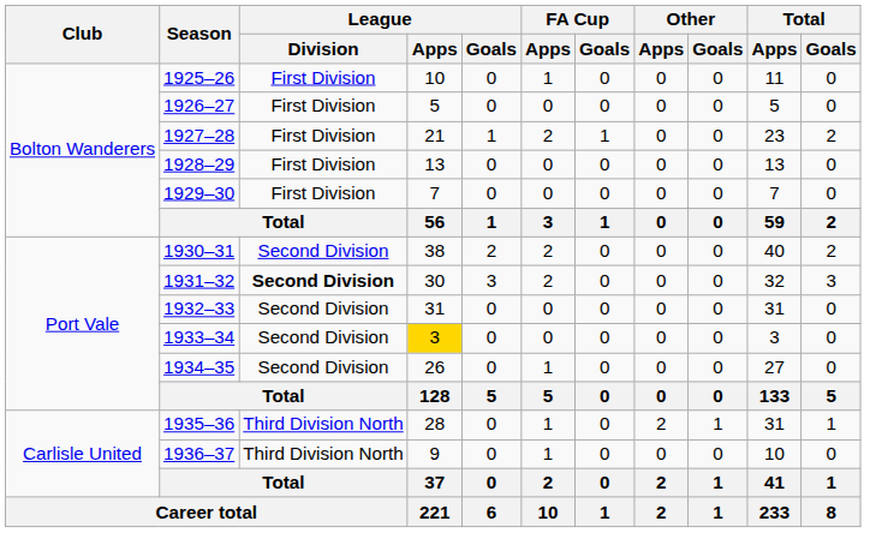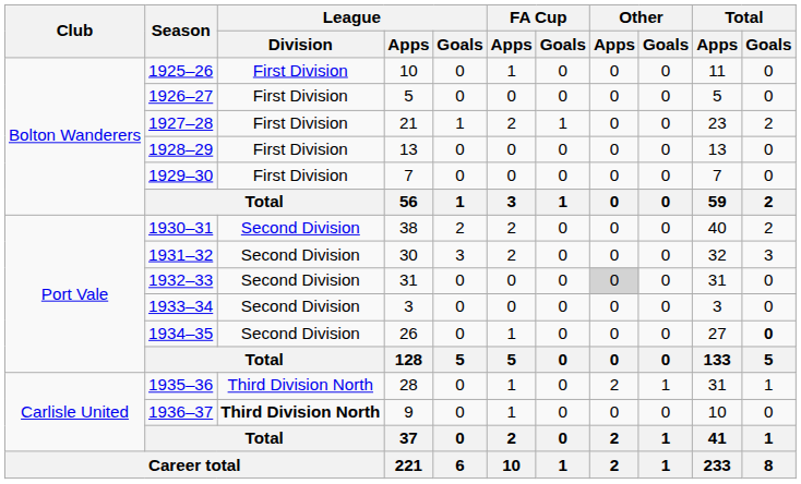 <table class="wikitable" style="text-align: center;">
 <tr>
 <th rowspan="2">Club</th>
 <th rowspan="2">Season</th>
 <th colspan="3">League</th>
 <th colspan="2">FA Cup</th>
 <th colspan="2">Other</th>
 <th colspan="2">Total</th>
 </tr>
 <tr>
 <th>Division</th>
 <th>Apps</th>
 <th>Goals</th>
 <th>Apps</th>
 <th>Goals</th>
 <th>Apps</th>
 <th>Goals</th>
 <th>Apps</th>
 <th>Goals</th>
 </tr>
 <tr>
 <td rowspan="6"><a href='#'>Bolton Wanderers</a></td>
 <td><a href='#'>1925–26</a></td>
 <td><a href='#'>First Division</a></td>
 <td>10</td>
 <td>0</td>
 <td>1</td>
 <td>0</td>
 <td>0</td>
 <td>0</td>
 <td>11</td>
 <td>0</td>
 </tr>
 <tr>
 <td><a href='#'>1926–27</a></td>
 <td>First Division</td>
 <td>5</td>
 <td>0</td>
 <td>0</td>
 <td>0</td>
 <td>0</td>
 <td>0</td>
 <td>5</td>
 <td>0</td>
 </tr>
 <tr>
 <td><a href='#'>1927–28</a></td>
 <td>First Division</td>
 <td>21</td>
 <td>1</td>
 <td>2</td>
 <td>1</td>
 <td>0</td>
 <td>0</td>
 <td>23</td>
 <td>2</td>
 </tr>
 <tr>
 <td><a href='#'>1928–29</a></td>
 <td>First Division</td>
 <td>13</td>
 <td>0</td>
 <td>0</td>
 <td>0</td>
 <td>0</td>
 <td>0</td>
 <td>13</td>
 <td>0</td>
 </tr>
 <tr>
 <td><a href='#'>1929–30</a></td>
 <td>First Division</td>
 <td>7</td>
 <td>0</td>
 <td>0</td>
 <td>0</td>
 <td>0</td>
 <td>0</td>
 <td>7</td>
 <td>0</td>
 </tr>
 <tr>
 <th colspan="2">Total</th>
 <th>56</th>
 <th>1</th>
 <th>3</th>
 <th>1</th>
 <th>0</th>
 <th>0</th>
 <th>59</th>
 <th>2</th>
 </tr>
 <tr>
 <td rowspan="6"><a href='#'>Port Vale</a></td>
 <td><a href='#'>1930–31</a></td>
 <td><a href='#'>Second Division</a></td>
 <td>38</td>
 <td>2</td>
 <td>2</td>
 <td>0</td>
 <td>0</td>
 <td>0</td>
 <td>40</td>
 <td>2</td>
 </tr>
 <tr>
 <td><a href='#'>1931–32</a></td>
-<td><strong>Second Division</strong></td>
+<td>Second Division</td>
 <td>30</td>
 <td>3</td>
 <td>2</td>
 <td>0</td>
 <td>0</td>
 <td>0</td>
 <td>32</td>
 <td>3</td>
 </tr>
 <tr>
 <td><a href='#'>1932–33</a></td>
 <td>Second Division</td>
 <td>31</td>
 <td>0</td>
 <td>0</td>
 <td>0</td>
-<td>0</td>
+<td style="background: lightgrey;">0</td>
 <td>0</td>
 <td>31</td>
 <td>0</td>
 </tr>
 <tr>
 <td><a href='#'>1933–34</a></td>
 <td>Second Division</td>
-<td style="background: gold;">3</td>
+<td>3</td>
 <td>0</td>
 <td>0</td>
 <td>0</td>
 <td>0</td>
 <td>0</td>
 <td>3</td>
 <td>0</td>
 </tr>
 <tr>
 <td><a href='#'>1934–35</a></td>
 <td>Second Division</td>
 <td>26</td>
 <td>0</td>
 <td>1</td>
 <td>0</td>
 <td>0</td>
 <td>0</td>
 <td>27</td>
-<td>0</td>
+<td><strong>0</strong></td>
 </tr>
 <tr>
 <th colspan="2">Total</th>
 <th>128</th>
 <th>5</th>
 <th>5</th>
 <th>0</th>
 <th>0</th>
 <th>0</th>
 <th>133</th>
 <th>5</th>
 </tr>
 <tr>
 <td rowspan="3"><a href='#'>Carlisle United</a></td>
 <td><a href='#'>1935–36</a></td>
 <td><a href='#'>Third Division North</a></td>
 <td>28</td>
 <td>0</td>
 <td>1</td>
 <td>0</td>
 <td>2</td>
 <td>1</td>
 <td>31</td>
 <td>1</td>
 </tr>
 <tr>
 <td><a href='#'>1936–37</a></td>
-<td>Third Division North</td>
+<td><strong>Third Division North</strong></td>
 <td>9</td>
 <td>0</td>
 <td>1</td>
 <td>0</td>
 <td>0</td>
 <td>0</td>
 <td>10</td>
 <td>0</td>
 </tr>
 <tr>
 <th colspan="2">Total</th>
 <th>37</th>
 <th>0</th>
 <th>2</th>
 <th>0</th>
 <th>2</th>
 <th>1</th>
 <th>41</th>
 <th>1</th>
 </tr>
 <tr>
 <th colspan="3">Career total</th>
 <th>221</th>
 <th>6</th>
 <th>10</th>
 <th>1</th>
 <th>2</th>
 <th>1</th>
 <th>233</th>
 <th>8</th>
 </tr>
 </table>
